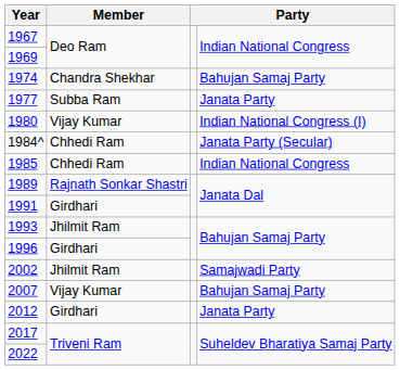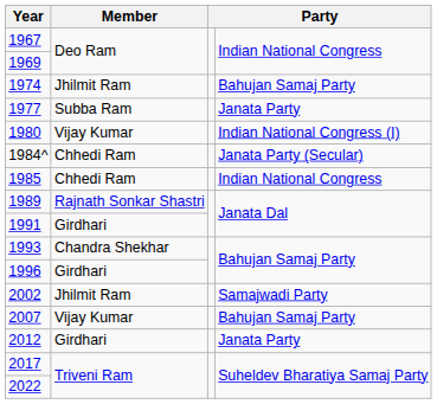 <table class="wikitable">
 <tr>
 <th>Year</th>
 <th>Member</th>
 <th colspan="2">Party</th>
 </tr>
 <tr>
 <td><a href='#'>1967</a></td>
 <td rowspan="2">Deo Ram</td>
 <td rowspan="2" style="background-color: "></td>
 <td rowspan="2"><a href='#'>Indian National Congress</a></td>
 </tr>
 <tr>
 <td><a href='#'>1969</a></td>
 </tr>
 <tr>
 <td><a href='#'>1974</a></td>
-<td>Chandra Shekhar</td>
+<td>Jhilmit Ram</td>
 <td style="background-color: "></td>
 <td><a href='#'>Bahujan Samaj Party</a></td>
 </tr>
 <tr>
 <td><a href='#'>1977</a></td>
 <td>Subba Ram</td>
 <td style="background-color: "></td>
 <td><a href='#'>Janata Party</a></td>
 </tr>
 <tr>
 <td><a href='#'>1980</a></td>
 <td>Vijay Kumar</td>
 <td style="background-color: "></td>
 <td><a href='#'>Indian National Congress (I)</a></td>
 </tr>
 <tr>
 <td>1984^</td>
 <td>Chhedi Ram</td>
 <td style="background-color: "></td>
 <td><a href='#'>Janata Party (Secular)</a></td>
 </tr>
 <tr>
 <td><a href='#'>1985</a></td>
 <td>Chhedi Ram</td>
 <td style="background-color: "></td>
 <td><a href='#'>Indian National Congress</a></td>
 </tr>
 <tr>
 <td><a href='#'>1989</a></td>
 <td><a href='#'>Rajnath Sonkar Shastri</a></td>
 <td rowspan="2" style="background-color: "></td>
 <td rowspan="2"><a href='#'>Janata Dal</a></td>
 </tr>
 <tr>
 <td><a href='#'>1991</a></td>
 <td>Girdhari</td>
 </tr>
 <tr>
 <td><a href='#'>1993</a></td>
-<td>Jhilmit Ram</td>
+<td>Chandra Shekhar</td>
 <td rowspan="2" style="background-color: "></td>
 <td rowspan="2"><a href='#'>Bahujan Samaj Party</a></td>
 </tr>
 <tr>
 <td><a href='#'>1996</a></td>
 <td>Girdhari</td>
 </tr>
 <tr>
 <td><a href='#'>2002</a></td>
 <td>Jhilmit Ram</td>
 <td style="background-color: "></td>
 <td><a href='#'>Samajwadi Party</a></td>
 </tr>
 <tr>
 <td><a href='#'>2007</a></td>
 <td>Vijay Kumar</td>
 <td style="background-color: "></td>
 <td><a href='#'>Bahujan Samaj Party</a></td>
 </tr>
 <tr>
 <td><a href='#'>2012</a></td>
 <td>Girdhari</td>
 <td style="background-color: "></td>
 <td><a href='#'>Janata Party</a></td>
 </tr>
 <tr>
 <td><a href='#'>2017</a></td>
 <td rowspan="2"><a href='#'>Triveni Ram</a></td>
 <td rowspan="2" style="background-color: "></td>
 <td rowspan="2"><a href='#'>Suheldev Bharatiya Samaj Party</a></td>
 </tr>
 <tr>
 <td><a href='#'>2022</a></td>
 </tr>
 </table>
